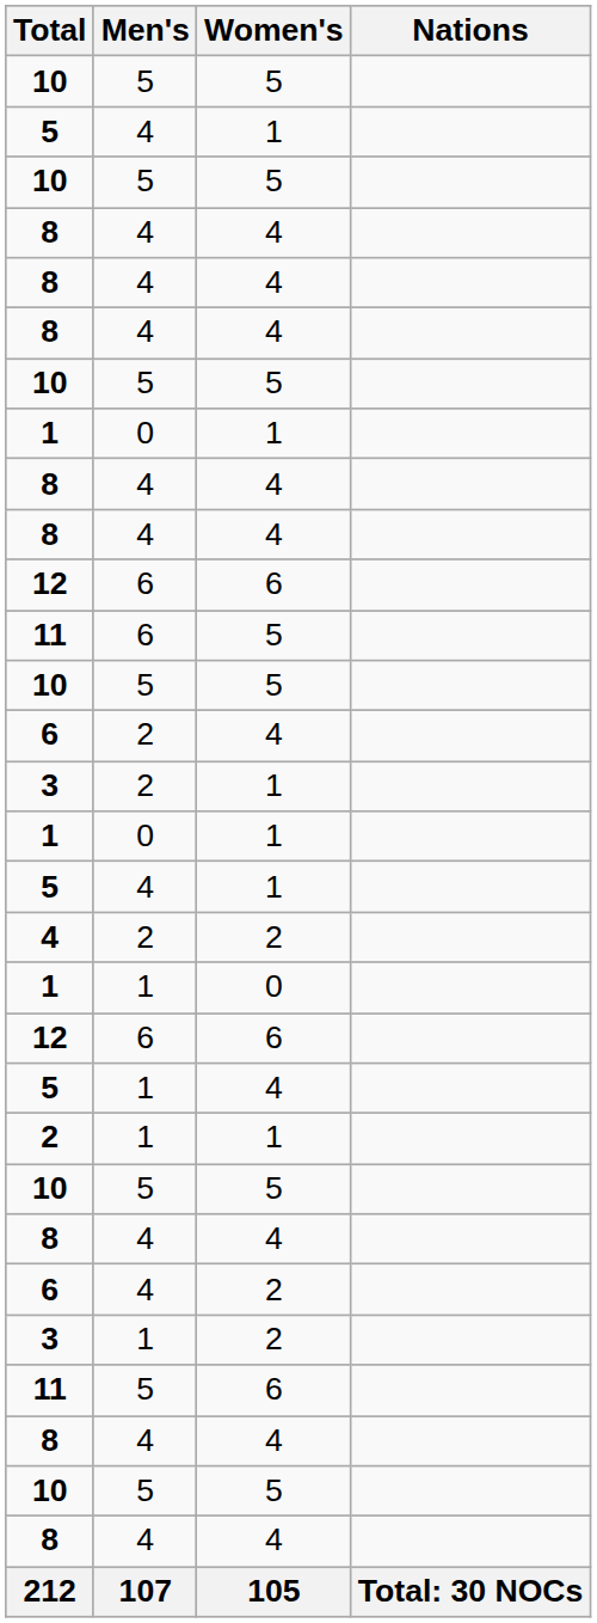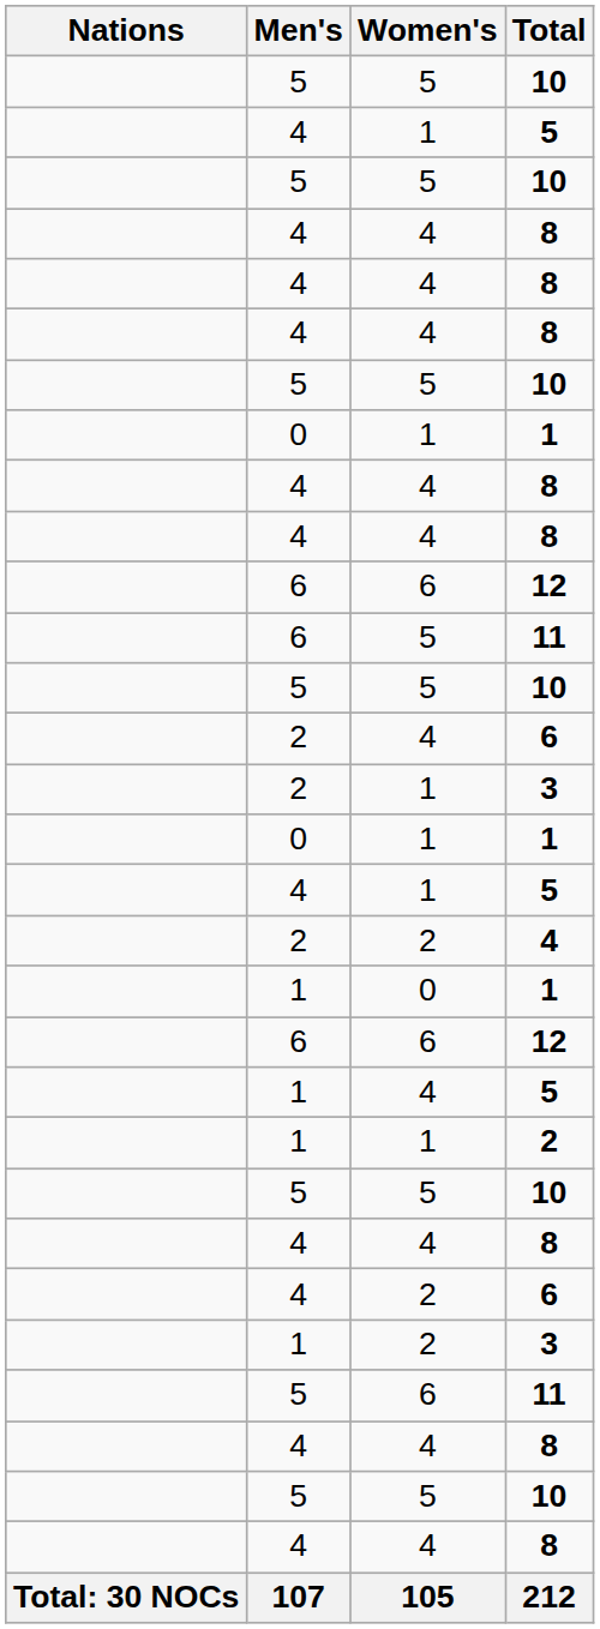 <table class="wikitable sortable" style="text-align:center;">
 <tr>
-<th>Total</th>
+<th>Nations</th>
 <th>Men's</th>
 <th>Women's</th>
-<th>Nations</th>
+<th>Total</th>
 </tr>
 <tr>
-<td><strong>10</strong></td>
+<td align="left"></td>
 <td>5</td>
 <td>5</td>
-<td align="left"></td>
+<td><strong>10</strong></td>
 </tr>
 <tr>
-<td><strong>5</strong></td>
+<td align="left"></td>
 <td>4</td>
 <td>1</td>
-<td align="left"></td>
+<td><strong>5</strong></td>
 </tr>
 <tr>
-<td><strong>10</strong></td>
+<td align="left"></td>
 <td>5</td>
 <td>5</td>
-<td align="left"></td>
+<td><strong>10</strong></td>
 </tr>
 <tr>
-<td><strong>8</strong></td>
+<td align="left"></td>
 <td>4</td>
 <td>4</td>
-<td align="left"></td>
+<td><strong>8</strong></td>
 </tr>
 <tr>
-<td><strong>8</strong></td>
+<td align="left"></td>
 <td>4</td>
 <td>4</td>
-<td align="left"></td>
+<td><strong>8</strong></td>
 </tr>
 <tr>
-<td><strong>8</strong></td>
+<td align="left"></td>
 <td>4</td>
 <td>4</td>
-<td align="left"></td>
+<td><strong>8</strong></td>
 </tr>
 <tr>
-<td><strong>10</strong></td>
+<td align="left"></td>
 <td>5</td>
 <td>5</td>
-<td align="left"></td>
+<td><strong>10</strong></td>
 </tr>
 <tr>
-<td><strong>1</strong></td>
+<td align="left"></td>
 <td>0</td>
 <td>1</td>
-<td align="left"></td>
+<td><strong>1</strong></td>
 </tr>
 <tr>
-<td><strong>8</strong></td>
+<td align="left"></td>
 <td>4</td>
 <td>4</td>
-<td align="left"></td>
+<td><strong>8</strong></td>
 </tr>
 <tr>
-<td><strong>8</strong></td>
+<td align="left"></td>
 <td>4</td>
 <td>4</td>
-<td align="left"></td>
+<td><strong>8</strong></td>
 </tr>
 <tr>
-<td><strong>12</strong></td>
+<td align="left"></td>
 <td>6</td>
 <td>6</td>
-<td align="left"></td>
+<td><strong>12</strong></td>
 </tr>
 <tr>
-<td><strong>11</strong></td>
+<td align="left"></td>
 <td>6</td>
 <td>5</td>
-<td align="left"></td>
+<td><strong>11</strong></td>
 </tr>
 <tr>
-<td><strong>10</strong></td>
+<td align="left"></td>
 <td>5</td>
 <td>5</td>
-<td align="left"></td>
+<td><strong>10</strong></td>
 </tr>
 <tr>
-<td><strong>6</strong></td>
+<td align="left"></td>
 <td>2</td>
 <td>4</td>
-<td align="left"></td>
+<td><strong>6</strong></td>
 </tr>
 <tr>
-<td><strong>3</strong></td>
+<td align="left"></td>
 <td>2</td>
 <td>1</td>
-<td align="left"></td>
+<td><strong>3</strong></td>
 </tr>
 <tr>
-<td><strong>1</strong></td>
+<td align="left"></td>
 <td>0</td>
 <td>1</td>
-<td align="left"></td>
+<td><strong>1</strong></td>
 </tr>
 <tr>
-<td><strong>5</strong></td>
+<td align="left"></td>
 <td>4</td>
 <td>1</td>
-<td align="left"></td>
+<td><strong>5</strong></td>
 </tr>
 <tr>
-<td><strong>4</strong></td>
+<td align="left"></td>
 <td>2</td>
 <td>2</td>
-<td align="left"></td>
+<td><strong>4</strong></td>
 </tr>
 <tr>
-<td><strong>1</strong></td>
+<td align="left"></td>
 <td>1</td>
 <td>0</td>
-<td align="left"></td>
+<td><strong>1</strong></td>
 </tr>
 <tr>
-<td><strong>12</strong></td>
+<td align="left"></td>
 <td>6</td>
 <td>6</td>
-<td align="left"></td>
+<td><strong>12</strong></td>
 </tr>
 <tr>
-<td><strong>5</strong></td>
+<td align="left"></td>
 <td>1</td>
 <td>4</td>
-<td align="left"></td>
+<td><strong>5</strong></td>
 </tr>
 <tr>
-<td><strong>2</strong></td>
+<td align="left"></td>
 <td>1</td>
 <td>1</td>
-<td align="left"></td>
+<td><strong>2</strong></td>
 </tr>
 <tr>
-<td><strong>10</strong></td>
+<td align="left"></td>
 <td>5</td>
 <td>5</td>
-<td align="left"></td>
+<td><strong>10</strong></td>
 </tr>
 <tr>
-<td><strong>8</strong></td>
+<td align="left"></td>
 <td>4</td>
 <td>4</td>
-<td align="left"></td>
+<td><strong>8</strong></td>
 </tr>
 <tr>
-<td><strong>6</strong></td>
+<td align="left"></td>
 <td>4</td>
 <td>2</td>
-<td align="left"></td>
+<td><strong>6</strong></td>
 </tr>
 <tr>
-<td><strong>3</strong></td>
+<td align="left"></td>
 <td>1</td>
 <td>2</td>
-<td align="left"></td>
+<td><strong>3</strong></td>
 </tr>
 <tr>
-<td><strong>11</strong></td>
+<td align="left"></td>
 <td>5</td>
 <td>6</td>
-<td align="left"></td>
+<td><strong>11</strong></td>
 </tr>
 <tr>
-<td><strong>8</strong></td>
+<td align="left"></td>
 <td>4</td>
 <td>4</td>
-<td align="left"></td>
+<td><strong>8</strong></td>
 </tr>
 <tr>
-<td><strong>10</strong></td>
+<td align="left"></td>
 <td>5</td>
 <td>5</td>
-<td align="left"></td>
+<td><strong>10</strong></td>
 </tr>
 <tr>
-<td><strong>8</strong></td>
+<td align="left"></td>
 <td>4</td>
 <td>4</td>
-<td align="left"></td>
+<td><strong>8</strong></td>
 </tr>
 <tr>
-<th>212</th>
+<th>Total: 30 NOCs</th>
 <th>107</th>
 <th>105</th>
-<th>Total: 30 NOCs</th>
+<th>212</th>
 </tr>
 </table>
